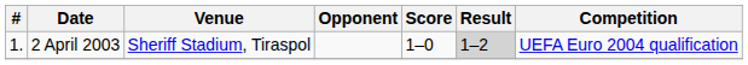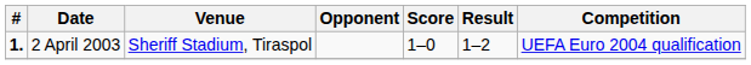 <table class="wikitable">
 <tr>
 <th>#</th>
 <th>Date</th>
 <th>Venue</th>
 <th>Opponent</th>
 <th>Score</th>
 <th>Result</th>
 <th>Competition</th>
 </tr>
 <tr>
-<td>1.</td>
+<td><strong>1.</strong></td>
 <td>2 April 2003</td>
 <td><a href='#'>Sheriff Stadium</a>, Tiraspol</td>
 <td></td>
 <td>1–0</td>
-<td style="background: lightgrey;">1–2</td>
+<td>1–2</td>
 <td><a href='#'>UEFA Euro 2004 qualification</a></td>
 </tr>
 <tr>
 </tr>
 </table>
